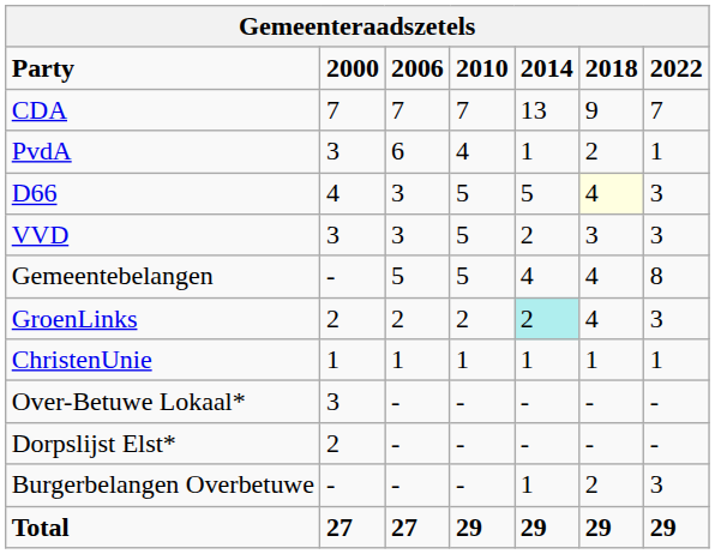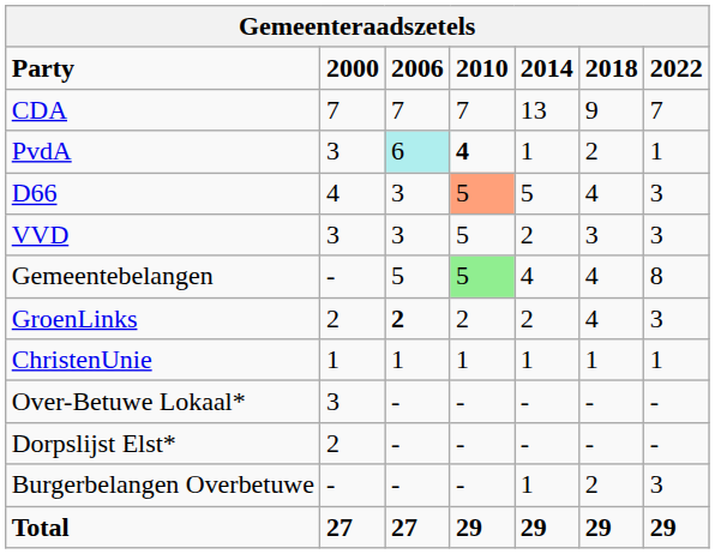 <table class="wikitable">
 <tr>
 <th colspan="16"><strong>Gemeenteraadszetels</strong></th>
 </tr>
 <tr>
 <td><strong>Party</strong></td>
 <td><strong>2000</strong></td>
 <td><strong>2006</strong></td>
 <td><strong>2010</strong></td>
 <td><strong>2014</strong></td>
 <td><strong>2018</strong></td>
 <td><strong>2022</strong></td>
 </tr>
 <tr>
 <td><a href='#'>CDA</a></td>
 <td>7</td>
 <td>7</td>
 <td>7</td>
 <td>13</td>
 <td>9</td>
 <td>7</td>
 </tr>
 <tr>
 <td><a href='#'>PvdA</a></td>
 <td>3</td>
-<td>6</td>
-<td>4</td>
+<td style="background: paleturquoise;">6</td>
+<td><strong>4</strong></td>
 <td>1</td>
 <td>2</td>
 <td>1</td>
 </tr>
 <tr>
 <td><a href='#'>D66</a></td>
 <td>4</td>
 <td>3</td>
+<td style="background: lightsalmon;">5</td>
 <td>5</td>
-<td>5</td>
-<td style="background: lightyellow;">4</td>
+<td>4</td>
 <td>3</td>
 </tr>
 <tr>
 <td><a href='#'>VVD</a></td>
 <td>3</td>
 <td>3</td>
 <td>5</td>
 <td>2</td>
 <td>3</td>
 <td>3</td>
 </tr>
 <tr>
 <td>Gemeentebelangen</td>
 <td>-</td>
 <td>5</td>
-<td>5</td>
+<td style="background: lightgreen;">5</td>
 <td>4</td>
 <td>4</td>
 <td>8</td>
 </tr>
 <tr>
 <td><a href='#'>GroenLinks</a></td>
 <td>2</td>
+<td><strong>2</strong></td>
 <td>2</td>
 <td>2</td>
-<td style="background: paleturquoise;">2</td>
 <td>4</td>
 <td>3</td>
 </tr>
 <tr>
 <td><a href='#'>ChristenUnie</a></td>
 <td>1</td>
 <td>1</td>
 <td>1</td>
 <td>1</td>
 <td>1</td>
 <td>1</td>
 </tr>
 <tr>
 <td>Over-Betuwe Lokaal*</td>
 <td>3</td>
 <td>-</td>
 <td>-</td>
 <td>-</td>
 <td>-</td>
 <td>-</td>
 </tr>
 <tr>
 <td>Dorpslijst Elst*</td>
 <td>2</td>
 <td>-</td>
 <td>-</td>
 <td>-</td>
 <td>-</td>
 <td>-</td>
 </tr>
 <tr>
 <td>Burgerbelangen Overbetuwe</td>
 <td>-</td>
 <td>-</td>
 <td>-</td>
 <td>1</td>
 <td>2</td>
 <td>3</td>
 </tr>
 <tr>
 <td><strong>Total</strong></td>
 <td><strong>27</strong></td>
 <td><strong>27</strong></td>
 <td><strong>29</strong></td>
 <td><strong>29</strong></td>
 <td><strong>29</strong></td>
 <td><strong>29</strong></td>
 </tr>
 </table>
